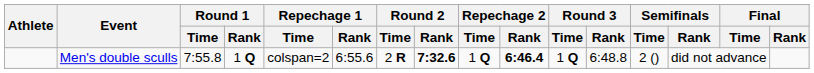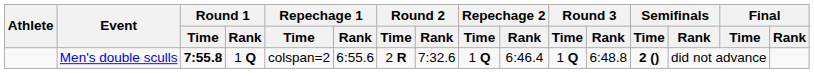 <table class=wikitable style=font-size:90%;text-align:center>
 <tr>
 <th rowspan=2>Athlete</th>
 <th rowspan=2>Event</th>
 <th colspan=2>Round 1</th>
 <th colspan=2>Repechage 1</th>
 <th colspan=2>Round 2</th>
 <th colspan=2>Repechage 2</th>
 <th colspan=2>Round 3</th>
 <th colspan=2>Semifinals</th>
 <th colspan=2>Final</th>
 </tr>
 <tr>
 <th>Time</th>
 <th>Rank</th>
 <th>Time</th>
 <th>Rank</th>
 <th>Time</th>
 <th>Rank</th>
 <th>Time</th>
 <th>Rank</th>
 <th>Time</th>
 <th>Rank</th>
 <th>Time</th>
 <th>Rank</th>
 <th>Time</th>
 <th>Rank</th>
 </tr>
 <tr>
 <td align=left><strong></strong></td>
 <td align=left><a href='#'>Men's double sculls</a></td>
-<td>7:55.8</td>
+<td><strong>7:55.8</strong></td>
 <td>1 <strong>Q</strong></td>
 <td>colspan=2 </td>
 <td>6:55.6</td>
 <td>2 <strong>R</strong></td>
-<td><strong>7:32.6</strong></td>
+<td>7:32.6</td>
 <td>1 <strong>Q</strong></td>
-<td><strong>6:46.4</strong></td>
+<td>6:46.4</td>
 <td>1 <strong>Q</strong></td>
 <td>6:48.8</td>
-<td>2 ()</td>
+<td><strong>2 ()</strong></td>
 <td colspan=2>did not advance</td>
 </tr>
 </table>
